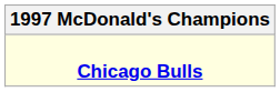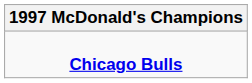 <table class=wikitable style="text-align:center; margin:auto">
 <tr>
 <th>1997 McDonald's Champions</th>
 </tr>
 <tr>
-<td style="background: lightyellow;"><br><strong><a href='#'>Chicago Bulls</a></strong></td>
+<td><br><strong><a href='#'>Chicago Bulls</a></strong></td>
 </tr>
 </table>
